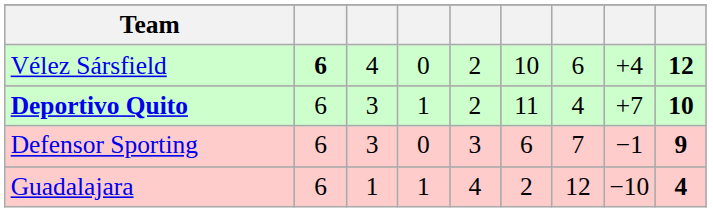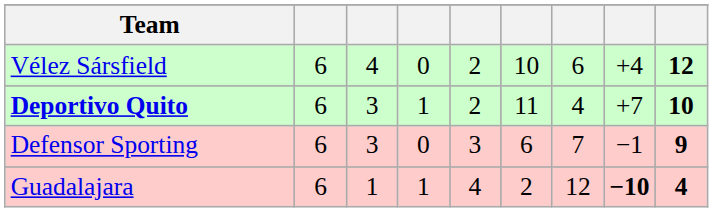 <table class="wikitable" style="text-align:center;">
 <tr>
 </tr>
 <tr>
 <th width="175">Team</th>
 <th width="25"></th>
 <th width="25"></th>
 <th width="25"></th>
 <th width="25"></th>
 <th width="25"></th>
 <th width="25"></th>
 <th width="25"></th>
 <th width="25"></th>
 </tr>
 <tr bgcolor=CCFFCC>
 <td align=left> <a href='#'>Vélez Sársfield</a></td>
-<td><strong>6</strong></td>
+<td>6</td>
 <td>4</td>
 <td>0</td>
 <td>2</td>
 <td>10</td>
 <td>6</td>
 <td>+4</td>
 <td><strong>12</strong></td>
 </tr>
 <tr bgcolor=CCFFCC>
 <td align=left> <strong><a href='#'>Deportivo Quito</a></strong></td>
 <td>6</td>
 <td>3</td>
 <td>1</td>
 <td>2</td>
 <td>11</td>
 <td>4</td>
 <td>+7</td>
 <td><strong>10</strong></td>
 </tr>
 <tr bgcolor=FFCCCC>
 <td align=left> <a href='#'>Defensor Sporting</a></td>
 <td>6</td>
 <td>3</td>
 <td>0</td>
 <td>3</td>
 <td>6</td>
 <td>7</td>
 <td>−1</td>
 <td><strong>9</strong></td>
 </tr>
 <tr bgcolor=FFCCCC>
 <td align=left> <a href='#'>Guadalajara</a></td>
 <td>6</td>
 <td>1</td>
 <td>1</td>
 <td>4</td>
 <td>2</td>
 <td>12</td>
-<td>−10</td>
+<td><strong>−10</strong></td>
 <td><strong>4</strong></td>
 </tr>
 </table>
